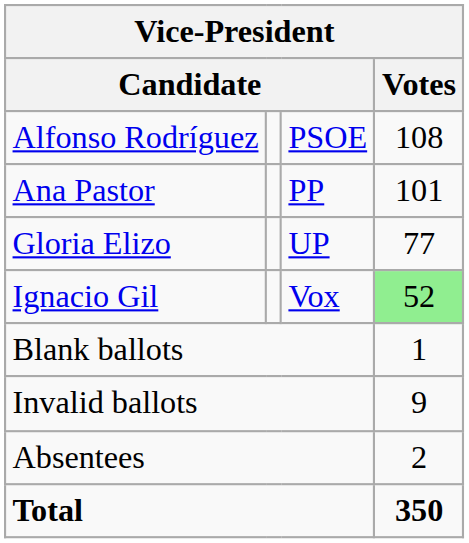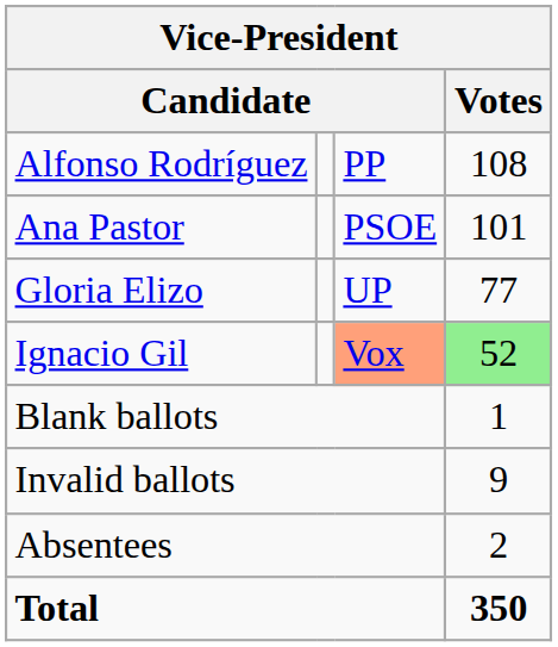 <table class="wikitable" style="font-size:95%; text-align:center;">
 <tr>
 <th colspan="4">Vice-President</th>
 </tr>
 <tr>
 <th colspan="3">Candidate</th>
 <th>Votes</th>
 </tr>
 <tr>
 <td align="left"> <a href='#'>Alfonso Rodríguez</a></td>
 <td style="background:"></td>
-<td align="left"><a href='#'>PSOE</a></td>
+<td align="left"><a href='#'>PP</a></td>
 <td>108</td>
 </tr>
 <tr>
 <td align="left"> <a href='#'>Ana Pastor</a></td>
 <td style="background:"></td>
-<td align="left"><a href='#'>PP</a></td>
+<td align="left"><a href='#'>PSOE</a></td>
 <td>101</td>
 </tr>
 <tr>
 <td align="left"> <a href='#'>Gloria Elizo</a></td>
 <td style="background:"></td>
 <td align="left"><a href='#'>UP</a></td>
 <td>77</td>
 </tr>
 <tr>
 <td align="left"> <a href='#'>Ignacio Gil</a></td>
 <td style="background:"></td>
-<td align="left"><a href='#'>Vox</a></td>
+<td align="left" style="background: lightsalmon;"><a href='#'>Vox</a></td>
 <td style="background: lightgreen;">52</td>
 </tr>
 <tr>
 <td align=left colspan="3">Blank ballots</td>
 <td>1</td>
 </tr>
 <tr>
 <td align=left colspan="3">Invalid ballots</td>
 <td>9</td>
 </tr>
 <tr>
 <td align=left colspan="3">Absentees</td>
 <td>2</td>
 </tr>
 <tr style="font-weight:bold">
 <td align=left colspan="3">Total</td>
 <td>350</td>
 </tr>
 </table>
